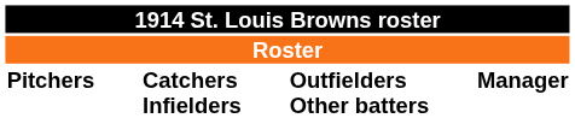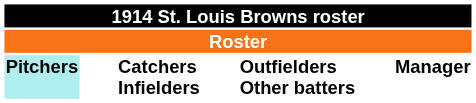 <table class="toccolours" style="font-size: 95%;">
 <tr>
 <th colspan="10" style="background-color: black; color: white; text-align: center;">1914 St. Louis Browns roster</th>
 </tr>
 <tr>
 <td colspan="10" style="background-color: #F87217; color: white; text-align: center;"><strong>Roster</strong></td>
 </tr>
 <tr>
-<td valign="top"><strong>Pitchers</strong><br>          </td>
+<td valign="top" style="background: paleturquoise;"><strong>Pitchers</strong><br>          </td>
 <td width="25px"></td>
 <td valign="top"><strong>Catchers</strong><br>      <strong>Infielders</strong>            </td>
 <td width="25px"></td>
 <td valign="top"><strong>Outfielders</strong><br>       <strong>Other batters</strong>  </td>
 <td width="25px"></td>
 <td valign="top"><strong>Manager</strong><br></td>
 </tr>
 <tr>
 </tr>
 </table>
